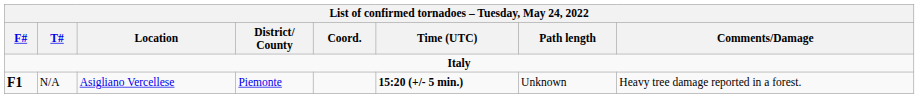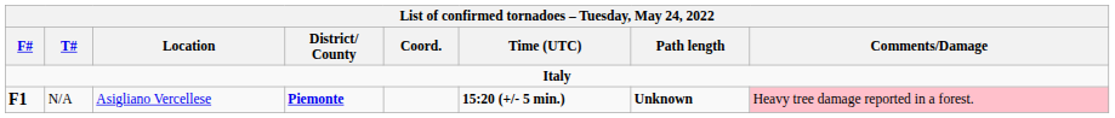 <table class="wikitable collapsible" width="100%">
 <tr>
 <th colspan="8">List of confirmed tornadoes – Tuesday, May 24, 2022</th>
 </tr>
 <tr>
 <th><a href='#'>F#</a></th>
 <th><a href='#'>T#</a></th>
 <th>Location</th>
 <th>District/<br>County</th>
 <th>Coord.</th>
 <th>Time (UTC)</th>
 <th>Path length</th>
 <th>Comments/Damage</th>
 </tr>
 <tr>
 <td colspan="8" align=center><strong>Italy</strong></td>
 </tr>
 <tr>
 <td><big><strong>F1</strong></big></td>
 <td>N/A</td>
 <td><a href='#'>Asigliano Vercellese</a></td>
-<td><a href='#'>Piemonte</a></td>
+<td><strong><a href='#'>Piemonte</a></strong></td>
 <td></td>
 <td><strong>15:20 (+/- 5 min.)</strong></td>
-<td>Unknown</td>
-<td>Heavy tree damage reported in a forest.</td>
+<td><strong>Unknown</strong></td>
+<td style="background: pink;">Heavy tree damage reported in a forest.</td>
 </tr>
 </table>
